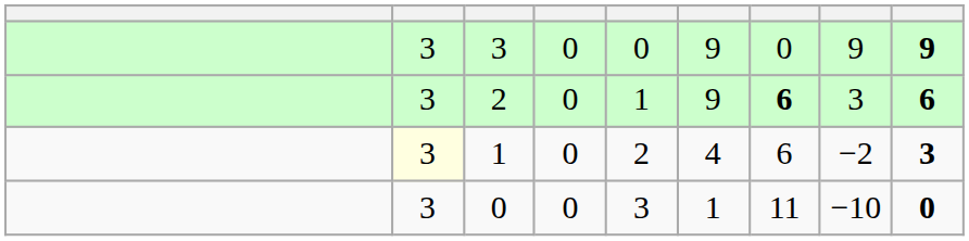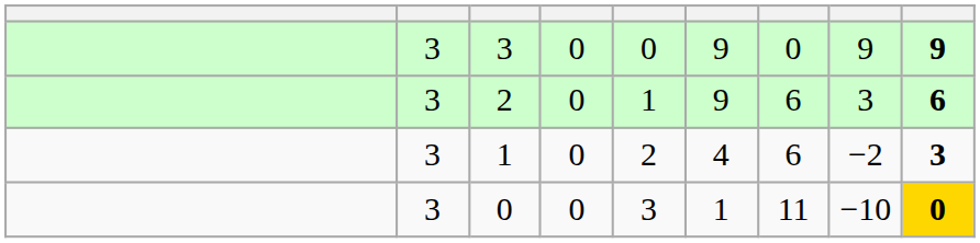 <table class="wikitable" style="text-align: center; font-size: 90%;">
 <tr>
 <th width=165></th>
 <th width=25></th>
 <th width=25></th>
 <th width=25></th>
 <th width=25></th>
 <th width=25></th>
 <th width=25></th>
 <th width=25></th>
 <th width=25></th>
 </tr>
 <tr style="background:#cfc;">
 <td style="text-align:left;"></td>
 <td>3</td>
 <td>3</td>
 <td>0</td>
 <td>0</td>
 <td>9</td>
 <td>0</td>
 <td>9</td>
 <td><strong>9</strong></td>
 </tr>
 <tr style="background:#cfc;">
 <td style="text-align:left;"></td>
 <td>3</td>
 <td>2</td>
 <td>0</td>
 <td>1</td>
 <td>9</td>
-<td><strong>6</strong></td>
+<td>6</td>
 <td>3</td>
 <td><strong>6</strong></td>
 </tr>
 <tr>
 <td style="text-align:left;"></td>
-<td style="background: lightyellow;">3</td>
+<td>3</td>
 <td>1</td>
 <td>0</td>
 <td>2</td>
 <td>4</td>
 <td>6</td>
 <td>−2</td>
 <td><strong>3</strong></td>
 </tr>
 <tr>
 <td style="text-align:left;"></td>
 <td>3</td>
 <td>0</td>
 <td>0</td>
 <td>3</td>
 <td>1</td>
 <td>11</td>
 <td>−10</td>
-<td><strong>0</strong></td>
+<td style="background: gold;"><strong>0</strong></td>
 </tr>
 </table>
